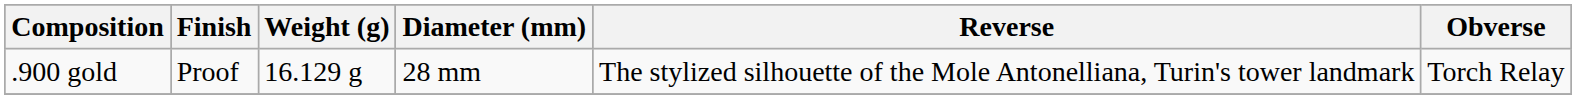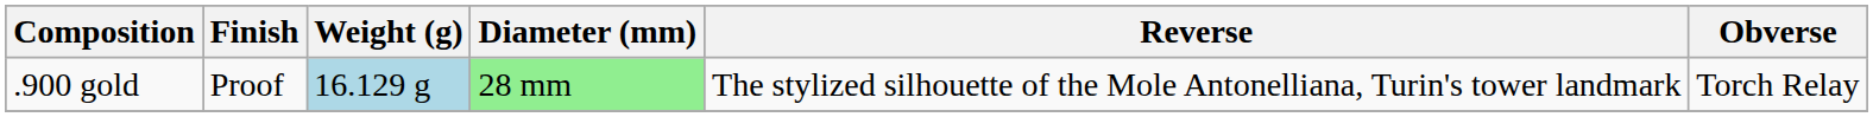 <table class="wikitable">
 <tr>
 <th>Composition</th>
 <th>Finish</th>
 <th>Weight (g)</th>
 <th>Diameter (mm)</th>
 <th>Reverse</th>
 <th>Obverse</th>
 </tr>
 <tr>
 <td>.900 gold</td>
 <td>Proof</td>
-<td>16.129 g</td>
-<td>28 mm</td>
+<td style="background: lightblue;">16.129 g</td>
+<td style="background: lightgreen;">28 mm</td>
 <td>The stylized silhouette of the Mole Antonelliana, Turin's tower landmark</td>
 <td>Torch Relay</td>
 </tr>
 <tr>
 </tr>
 </table>
